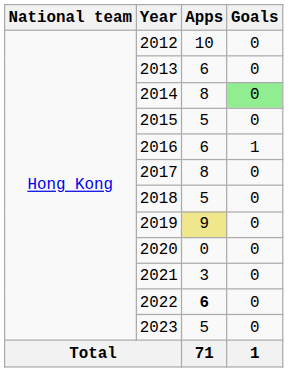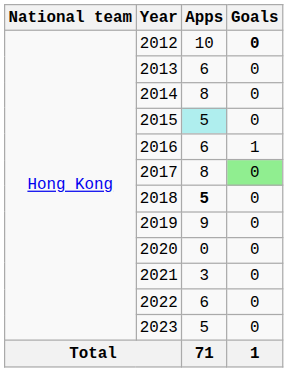 <table class="wikitable" style="text-align:center">
 <tr>
 <th>National team</th>
 <th>Year</th>
 <th>Apps</th>
 <th>Goals</th>
 </tr>
 <tr>
 <td rowspan="12"><a href='#'>Hong Kong</a></td>
 <td>2012</td>
 <td>10</td>
-<td>0</td>
+<td><strong>0</strong></td>
 </tr>
 <tr>
 <td>2013</td>
 <td>6</td>
 <td>0</td>
 </tr>
 <tr>
 <td>2014</td>
 <td>8</td>
-<td style="background: lightgreen;">0</td>
+<td>0</td>
 </tr>
 <tr>
 <td>2015</td>
-<td>5</td>
+<td style="background: paleturquoise;">5</td>
 <td>0</td>
 </tr>
 <tr>
 <td>2016</td>
 <td>6</td>
 <td>1</td>
 </tr>
 <tr>
 <td>2017</td>
 <td>8</td>
-<td>0</td>
+<td style="background: lightgreen;">0</td>
 </tr>
 <tr>
 <td>2018</td>
-<td>5</td>
+<td><strong>5</strong></td>
 <td>0</td>
 </tr>
 <tr>
 <td>2019</td>
-<td style="background: khaki;">9</td>
+<td>9</td>
 <td>0</td>
 </tr>
 <tr>
 <td>2020</td>
 <td>0</td>
 <td>0</td>
 </tr>
 <tr>
 <td>2021</td>
 <td>3</td>
 <td>0</td>
 </tr>
 <tr>
 <td>2022</td>
-<td><strong>6</strong></td>
+<td>6</td>
 <td>0</td>
 </tr>
 <tr>
 <td>2023</td>
 <td>5</td>
 <td>0</td>
 </tr>
 <tr>
 <th colspan=2>Total</th>
 <th>71</th>
 <th>1</th>
 </tr>
 </table>
